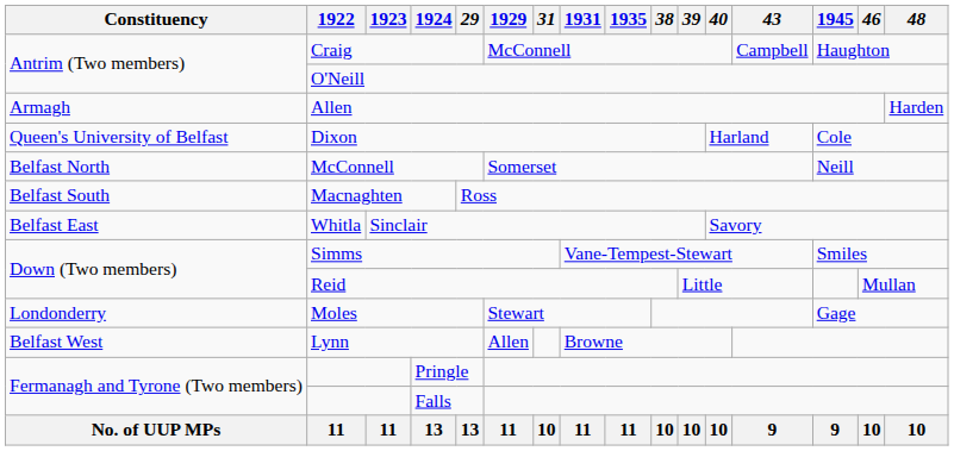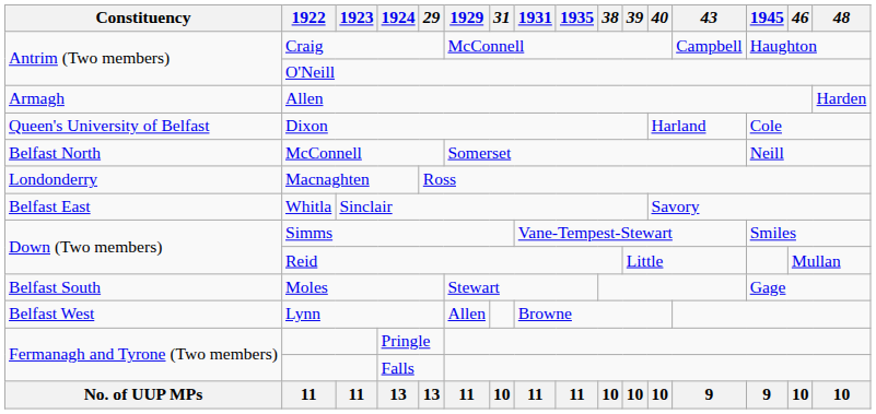 <table class="wikitable">
 <tr>
 <th>Constituency</th>
 <th><a href='#'>1922</a></th>
 <th><a href='#'>1923</a></th>
 <th><a href='#'>1924</a></th>
 <th><em>29</em></th>
 <th><a href='#'>1929</a></th>
 <th><em>31</em></th>
 <th><a href='#'>1931</a></th>
 <th><a href='#'>1935</a></th>
 <th><em>38</em></th>
 <th><em>39</em></th>
 <th><em>40</em></th>
 <th><em>43</em></th>
 <th><a href='#'>1945</a></th>
 <th><em>46</em></th>
 <th><em>48</em></th>
 </tr>
 <tr>
 <td rowspan="2"><a href='#'>Antrim</a> (Two members)</td>
 <td colspan="4"><a href='#'>Craig</a></td>
 <td colspan="7"><a href='#'>McConnell</a></td>
 <td><a href='#'>Campbell</a></td>
 <td colspan="3"><a href='#'>Haughton</a></td>
 </tr>
 <tr>
 <td colspan="15"><a href='#'>O'Neill</a></td>
 </tr>
 <tr>
 <td><a href='#'>Armagh</a></td>
 <td colspan="14"><a href='#'>Allen</a></td>
 <td><a href='#'>Harden</a></td>
 </tr>
 <tr>
 <td><a href='#'>Queen's University of Belfast</a></td>
 <td colspan="10"><a href='#'>Dixon</a></td>
 <td colspan="2"><a href='#'>Harland</a></td>
 <td colspan="3"><a href='#'>Cole</a></td>
 </tr>
 <tr>
 <td><a href='#'>Belfast North</a></td>
 <td colspan="4"><a href='#'>McConnell</a></td>
 <td colspan="8"><a href='#'>Somerset</a></td>
 <td colspan="3"><a href='#'>Neill</a></td>
 </tr>
 <tr>
-<td><a href='#'>Belfast South</a></td>
+<td><a href='#'>Londonderry</a></td>
 <td colspan="3"><a href='#'>Macnaghten</a></td>
 <td colspan="12"><a href='#'>Ross</a></td>
 </tr>
 <tr>
 <td><a href='#'>Belfast East</a></td>
 <td><a href='#'>Whitla</a></td>
 <td colspan="9"><a href='#'>Sinclair</a></td>
 <td colspan="5"><a href='#'>Savory</a></td>
 </tr>
 <tr>
 <td rowspan="2"><a href='#'>Down</a> (Two members)</td>
 <td colspan="6"><a href='#'>Simms</a></td>
 <td colspan="6"><a href='#'>Vane-Tempest-Stewart</a></td>
 <td colspan="3"><a href='#'>Smiles</a></td>
 </tr>
 <tr>
 <td colspan="9"><a href='#'>Reid</a></td>
 <td colspan="3"><a href='#'>Little</a></td>
 <td></td>
 <td colspan="2"><a href='#'>Mullan</a></td>
 </tr>
 <tr>
-<td><a href='#'>Londonderry</a></td>
+<td><a href='#'>Belfast South</a></td>
 <td colspan="4"><a href='#'>Moles</a></td>
 <td colspan="4"><a href='#'>Stewart</a></td>
 <td colspan="4"></td>
 <td colspan="3"><a href='#'>Gage</a></td>
 </tr>
 <tr>
 <td><a href='#'>Belfast West</a></td>
 <td colspan="4"><a href='#'>Lynn</a></td>
 <td><a href='#'>Allen</a></td>
 <td></td>
 <td colspan="5"><a href='#'>Browne</a></td>
 <td colspan="4"></td>
 </tr>
 <tr>
 <td rowspan="2"><a href='#'>Fermanagh and Tyrone</a> (Two members)</td>
 <td colspan="2"></td>
 <td colspan="2"><a href='#'>Pringle</a></td>
 <td colspan="11"></td>
 </tr>
 <tr>
 <td colspan="2"></td>
 <td colspan="2"><a href='#'>Falls</a></td>
 <td colspan="11"></td>
 </tr>
 <tr>
 <th>No. of UUP MPs</th>
 <th>11</th>
 <th>11</th>
 <th>13</th>
 <th>13</th>
 <th>11</th>
 <th>10</th>
 <th>11</th>
 <th>11</th>
 <th>10</th>
 <th>10</th>
 <th>10</th>
 <th>9</th>
 <th>9</th>
 <th>10</th>
 <th>10</th>
 </tr>
 </table>
